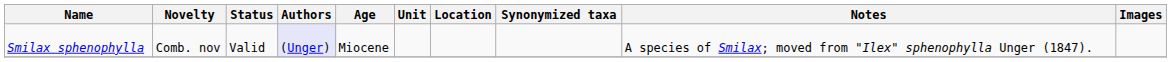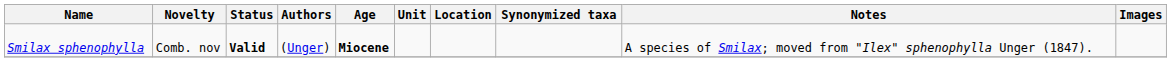 <table class="wikitable sortable" align="center" width="100%">
 <tr>
 <th>Name</th>
 <th>Novelty</th>
 <th>Status</th>
 <th>Authors</th>
 <th>Age</th>
 <th>Unit</th>
 <th>Location</th>
 <th>Synonymized taxa</th>
 <th>Notes</th>
 <th>Images</th>
 </tr>
 <tr>
 <td><br><em><a href='#'>Smilax sphenophylla</a></em></td>
 <td><br>Comb. nov</td>
-<td><br>Valid</td>
-<td style="background: lavender;"><br>(<a href='#'>Unger</a>)</td>
-<td><br>Miocene</td>
+<td><strong><br>Valid</strong></td>
+<td><br>(<a href='#'>Unger</a>)</td>
+<td><strong><br>Miocene</strong></td>
 <td></td>
 <td><br></td>
 <td></td>
 <td><br>A species of <em><a href='#'>Smilax</a></em>; moved from <em>"Ilex" sphenophylla</em> Unger (1847).</td>
 <td></td>
 </tr>
 <tr>
 </tr>
 </table>
